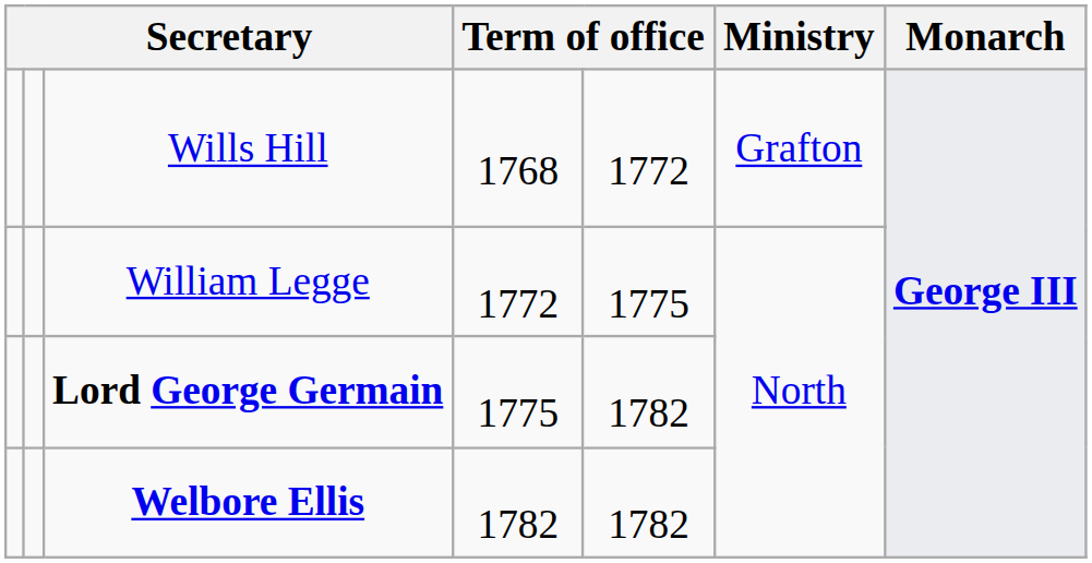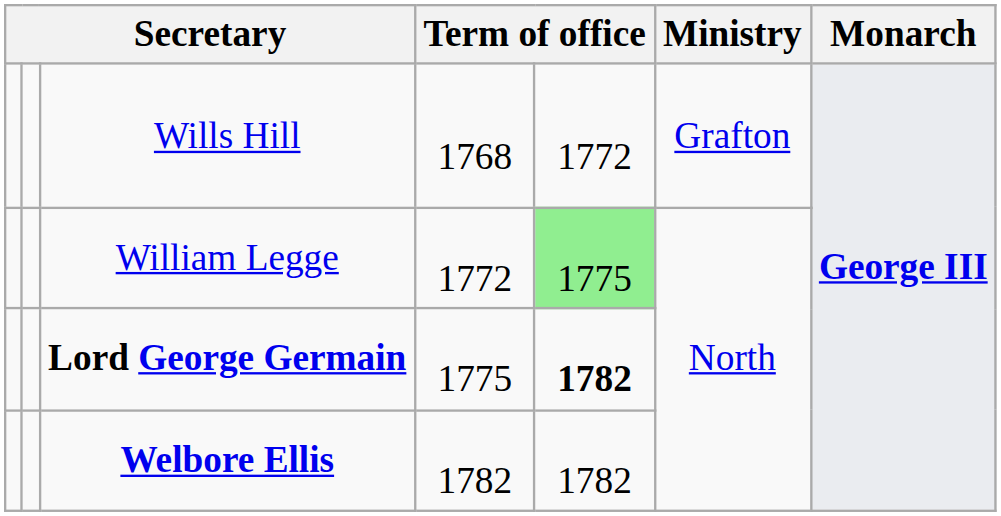 <table class="wikitable" style="text-align:center">
 <tr>
 <th colspan=3>Secretary</th>
 <th colspan=2>Term of office</th>
 <th>Ministry</th>
 <th>Monarch<br></th>
 </tr>
 <tr>
 <td rowspan=2 style="background-color: "></td>
 <td rowspan=2></td>
 <td rowspan=2><a href='#'>Wills Hill<br></a></td>
 <td rowspan=2><br>1768</td>
 <td rowspan=2><br>1772</td>
 <td> <br><a href='#'>Grafton</a><br> </td>
 <td rowspan=5 style="background:#EAECF0"><a href='#'><strong>George III</strong></a><br><br></td>
 </tr>
 <tr>
 <td rowspan=4 ><a href='#'>North</a></td>
 </tr>
 <tr>
 <td style="background-color: "></td>
 <td></td>
 <td><a href='#'>William Legge<br></a></td>
 <td><br>1772</td>
-<td><br>1775</td>
+<td style="background: lightgreen;"><br>1775</td>
 </tr>
 <tr>
 <td style="background-color: "></td>
 <td></td>
 <td><strong>Lord <a href='#'>George Germain</a></strong><br></td>
 <td><br>1775</td>
-<td><br>1782</td>
+<td><strong><br>1782</strong></td>
 </tr>
 <tr>
 <td style="background-color: "></td>
 <td></td>
 <td><strong><a href='#'>Welbore Ellis</a></strong><br></td>
 <td><br>1782</td>
 <td><br>1782</td>
 </tr>
 </table>
